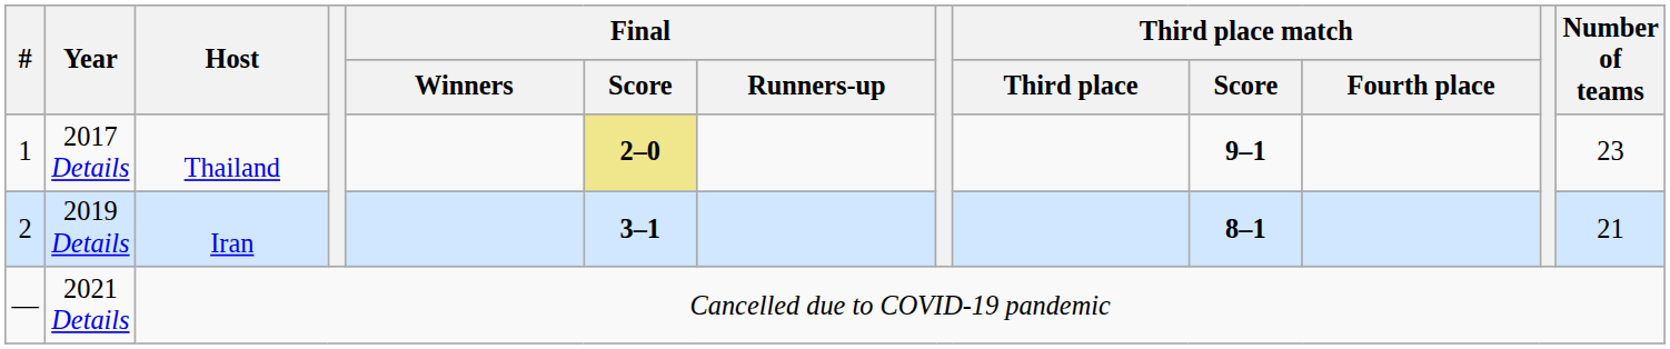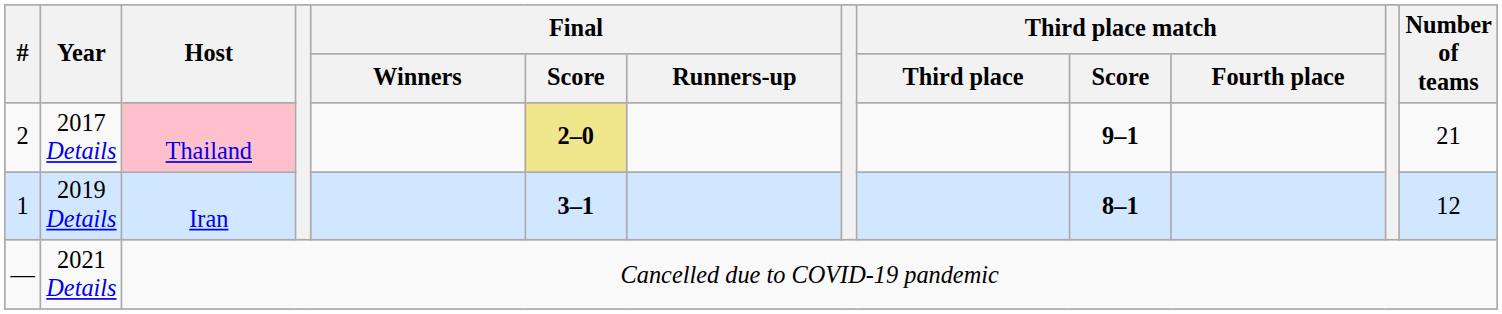 <table class="wikitable" style="font-size:90%; width: 100%; text-align: center;">
 <tr>
 <th rowspan="2" style="width:2%;">#</th>
 <th rowspan=2 width=5%>Year</th>
 <th rowspan=2 width=12%>Host</th>
 <th width = 1% rowspan=4></th>
 <th colspan=3>Final</th>
 <th width = 1% rowspan=4></th>
 <th colspan=3>Third place match</th>
 <th width = 1% rowspan=4></th>
 <th rowspan=2>Number of teams</th>
 </tr>
 <tr>
 <th width=15%>Winners</th>
 <th width=7%>Score</th>
 <th width=15%>Runners-up</th>
 <th width=15%>Third place</th>
 <th width=7%>Score</th>
 <th width=15%>Fourth place</th>
 </tr>
 <tr>
-<td>1</td>
+<td>2</td>
 <td>2017<br><em><a href='#'>Details</a></em></td>
-<td><br><a href='#'>Thailand</a></td>
+<td style="background: pink;"><br><a href='#'>Thailand</a></td>
 <td><strong></strong></td>
 <td style="background: khaki;"><strong>2–0</strong></td>
 <td></td>
 <td></td>
 <td><strong>9–1</strong></td>
 <td></td>
-<td>23</td>
+<td>21</td>
 </tr>
 <tr bgcolor=#D0E7FF>
-<td>2</td>
+<td>1</td>
 <td>2019<br><em><a href='#'>Details</a></em></td>
 <td><br><a href='#'>Iran</a></td>
 <td><strong></strong></td>
 <td><strong>3–1</strong></td>
 <td></td>
 <td></td>
 <td><strong>8–1</strong></td>
 <td></td>
-<td>21</td>
+<td>12</td>
 </tr>
 <tr>
 <td>—</td>
 <td>2021<br><em><a href='#'>Details</a></em></td>
 <td colspan=11><em>Cancelled due to COVID-19 pandemic</em></td>
 </tr>
 </table>
